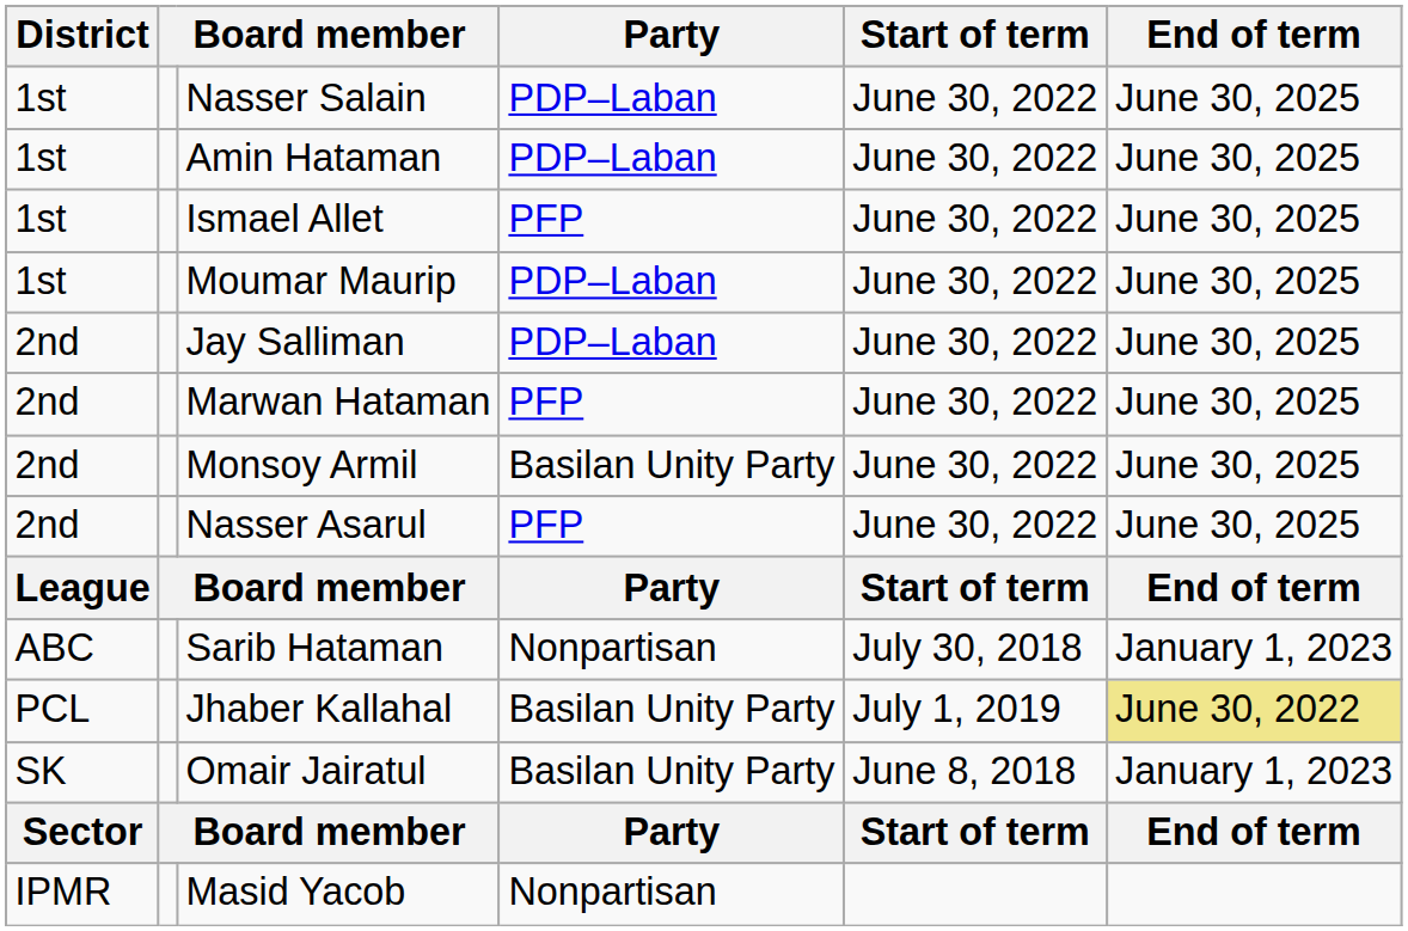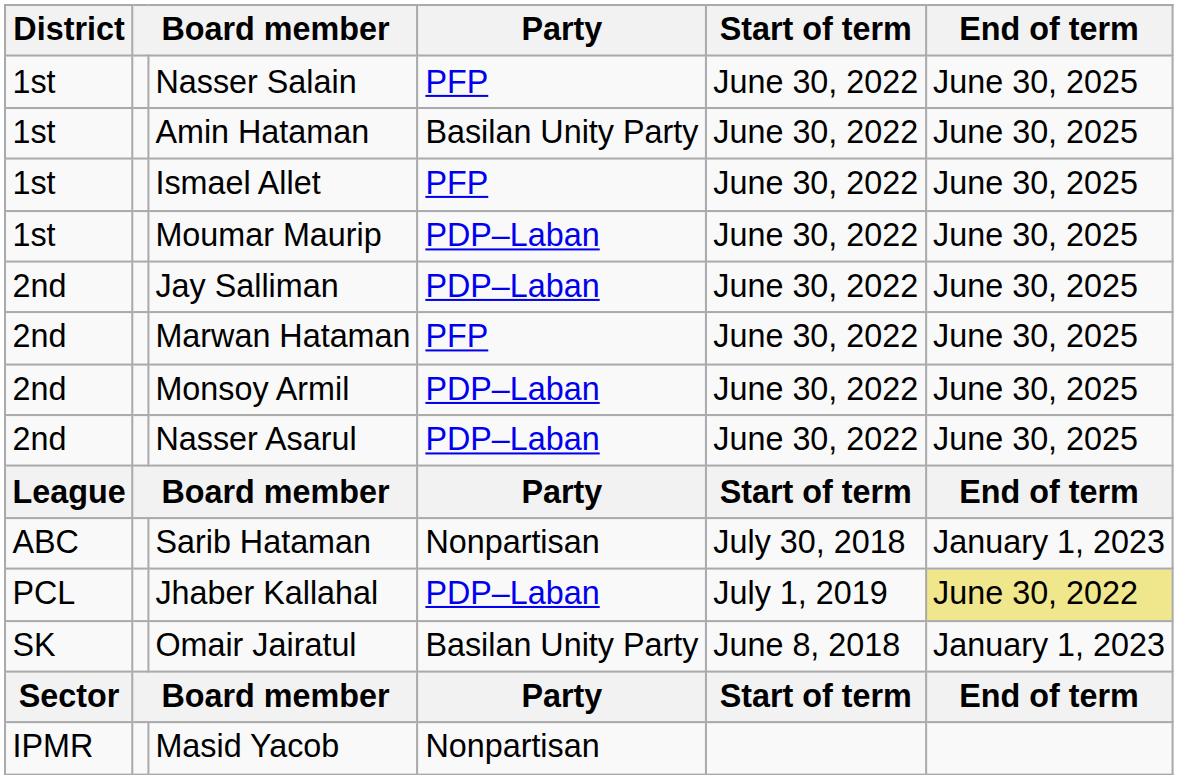 <table class="wikitable">
 <tr>
 <th>District</th>
 <th colspan="2">Board member</th>
 <th>Party</th>
 <th>Start of term</th>
 <th>End of term</th>
 </tr>
 <tr>
 <td>1st</td>
 <td></td>
 <td>Nasser Salain</td>
-<td><a href='#'>PDP–Laban</a></td>
+<td><a href='#'>PFP</a></td>
 <td>June 30, 2022</td>
 <td>June 30, 2025</td>
 </tr>
 <tr>
 <td>1st</td>
 <td></td>
 <td>Amin Hataman</td>
-<td><a href='#'>PDP–Laban</a></td>
+<td>Basilan Unity Party</td>
 <td>June 30, 2022</td>
 <td>June 30, 2025</td>
 </tr>
 <tr>
 <td>1st</td>
 <td></td>
 <td>Ismael Allet</td>
 <td><a href='#'>PFP</a></td>
 <td>June 30, 2022</td>
 <td>June 30, 2025</td>
 </tr>
 <tr>
 <td>1st</td>
 <td></td>
 <td>Moumar Maurip</td>
 <td><a href='#'>PDP–Laban</a></td>
 <td>June 30, 2022</td>
 <td>June 30, 2025</td>
 </tr>
 <tr>
 <td>2nd</td>
 <td></td>
 <td>Jay Salliman</td>
 <td><a href='#'>PDP–Laban</a></td>
 <td>June 30, 2022</td>
 <td>June 30, 2025</td>
 </tr>
 <tr>
 <td>2nd</td>
 <td></td>
 <td>Marwan Hataman</td>
 <td><a href='#'>PFP</a></td>
 <td>June 30, 2022</td>
 <td>June 30, 2025</td>
 </tr>
 <tr>
 <td>2nd</td>
 <td></td>
 <td>Monsoy Armil</td>
-<td>Basilan Unity Party</td>
+<td><a href='#'>PDP–Laban</a></td>
 <td>June 30, 2022</td>
 <td>June 30, 2025</td>
 </tr>
 <tr>
 <td>2nd</td>
 <td></td>
 <td>Nasser Asarul</td>
-<td><a href='#'>PFP</a></td>
+<td><a href='#'>PDP–Laban</a></td>
 <td>June 30, 2022</td>
 <td>June 30, 2025</td>
 </tr>
 <tr>
 <th>League</th>
 <th colspan="2">Board member</th>
 <th>Party</th>
 <th>Start of term</th>
 <th>End of term</th>
 </tr>
 <tr>
 <td>ABC</td>
 <td></td>
 <td>Sarib Hataman</td>
 <td>Nonpartisan</td>
 <td>July 30, 2018</td>
 <td>January 1, 2023</td>
 </tr>
 <tr>
 <td>PCL</td>
 <td></td>
 <td>Jhaber Kallahal</td>
-<td>Basilan Unity Party</td>
+<td><a href='#'>PDP–Laban</a></td>
 <td>July 1, 2019</td>
 <td style="background: khaki;">June 30, 2022</td>
 </tr>
 <tr>
 <td>SK</td>
 <td></td>
 <td>Omair Jairatul</td>
 <td>Basilan Unity Party</td>
 <td>June 8, 2018</td>
 <td>January 1, 2023</td>
 </tr>
 <tr>
 <th>Sector</th>
 <th colspan="2">Board member</th>
 <th>Party</th>
 <th>Start of term</th>
 <th>End of term</th>
 </tr>
 <tr>
 <td>IPMR</td>
 <td></td>
 <td>Masid Yacob</td>
 <td>Nonpartisan</td>
 <td></td>
 <td></td>
 </tr>
 </table>
